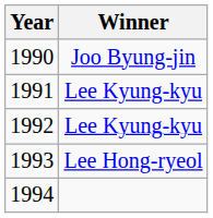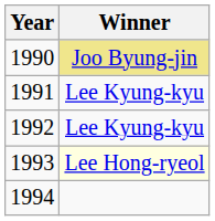 <table class="wikitable sortable" style="text-align:center">
 <tr>
 <th>Year</th>
 <th>Winner</th>
 </tr>
 <tr>
 <td>1990</td>
-<td><a href='#'>Joo Byung-jin</a></td>
+<td style="background: khaki;"><a href='#'>Joo Byung-jin</a></td>
 </tr>
 <tr>
 <td>1991</td>
 <td><a href='#'>Lee Kyung-kyu</a></td>
 </tr>
 <tr>
 <td>1992</td>
 <td><a href='#'>Lee Kyung-kyu</a></td>
 </tr>
 <tr>
 <td>1993</td>
-<td><a href='#'>Lee Hong-ryeol</a></td>
+<td style="background: lightyellow;"><a href='#'>Lee Hong-ryeol</a></td>
 </tr>
 <tr>
 <td>1994</td>
 <td></td>
 </tr>
 </table>
